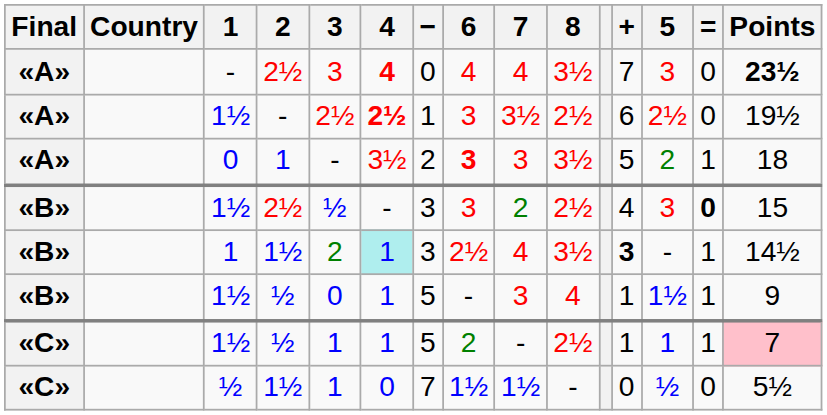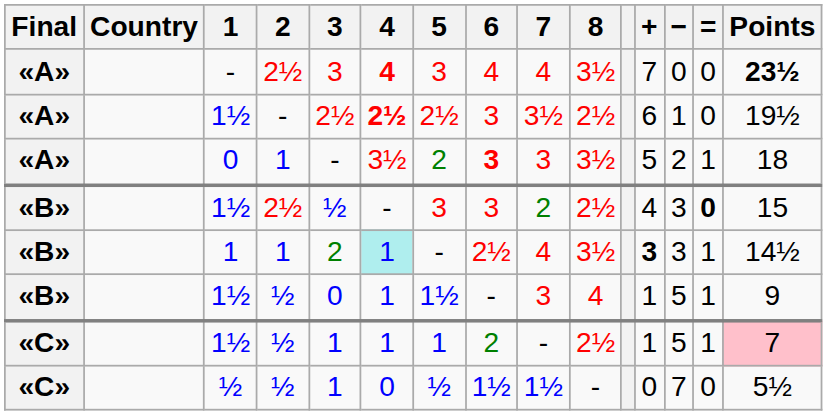 <table class="wikitable" style="text-align:center">
 <tr>
 <th>Final</th>
 <th>Country</th>
 <th>1</th>
 <th>2</th>
 <th>3</th>
 <th>4</th>
-<th>−</th>
+<th>5</th>
 <th>6</th>
 <th>7</th>
 <th>8</th>
 <th></th>
 <th>+</th>
-<th>5</th>
+<th>−</th>
 <th>=</th>
 <th>Points</th>
 </tr>
 <tr>
 <th>«A»</th>
 <td style="text-align: left"></td>
 <td>-</td>
 <td style="color: red;">2½</td>
 <td style="color: red;">3</td>
 <td style="color: red;"><strong>4</strong></td>
-<td>0</td>
+<td style="color: red;">3</td>
 <td style="color: red;">4</td>
 <td style="color: red;">4</td>
 <td style="color: red;">3½</td>
 <th></th>
 <td>7</td>
-<td style="color: red;">3</td>
+<td>0</td>
 <td>0</td>
 <td><strong>23½</strong></td>
 </tr>
 <tr>
 <th>«A»</th>
 <td style="text-align: left"></td>
 <td style="color: blue;">1½</td>
 <td>-</td>
 <td style="color: red;">2½</td>
 <td style="color: red;"><strong>2½</strong></td>
-<td>1</td>
+<td style="color: red;">2½</td>
 <td style="color: red;">3</td>
 <td style="color: red;">3½</td>
 <td style="color: red;">2½</td>
 <th></th>
 <td>6</td>
-<td style="color: red;">2½</td>
+<td>1</td>
 <td>0</td>
 <td>19½</td>
 </tr>
 <tr>
 <th>«A»</th>
 <td style="text-align: left"></td>
 <td style="color: blue;">0</td>
 <td style="color: blue;">1</td>
 <td>-</td>
 <td style="color: red;">3½</td>
-<td>2</td>
+<td style="color: green">2</td>
 <td style="color: red;"><strong>3</strong></td>
 <td style="color: red;">3</td>
 <td style="color: red;">3½</td>
 <th></th>
 <td>5</td>
-<td style="color: green">2</td>
+<td>2</td>
 <td>1</td>
 <td>18</td>
 </tr>
 <tr style="border-top:2px solid grey;">
 <th>«B»</th>
 <td style="text-align: left"></td>
 <td style="color: blue;">1½</td>
 <td style="color: red;">2½</td>
 <td style="color: blue;">½</td>
 <td>-</td>
-<td>3</td>
+<td style="color: red;">3</td>
 <td style="color: red;">3</td>
 <td style="color: green">2</td>
 <td style="color: red;">2½</td>
 <th></th>
 <td>4</td>
-<td style="color: red;">3</td>
+<td>3</td>
 <td><strong>0</strong></td>
 <td>15</td>
 </tr>
 <tr>
 <th>«B»</th>
 <td style="text-align: left"></td>
 <td style="color: blue;">1</td>
-<td style="color: blue;">1½</td>
+<td style="color: blue;">1</td>
 <td style="color: green">2</td>
 <td style="background: paleturquoise; color: blue;">1</td>
-<td>3</td>
+<td>-</td>
 <td style="color: red;">2½</td>
 <td style="color: red;">4</td>
 <td style="color: red;">3½</td>
 <th></th>
 <td><strong>3</strong></td>
-<td>-</td>
+<td>3</td>
 <td>1</td>
 <td>14½</td>
 </tr>
 <tr>
 <th>«B»</th>
 <td style="text-align: left"></td>
 <td style="color: blue;">1½</td>
 <td style="color: blue;">½</td>
 <td style="color: blue;">0</td>
 <td style="color: blue;">1</td>
-<td>5</td>
+<td style="color: blue;">1½</td>
 <td>-</td>
 <td style="color: red;">3</td>
 <td style="color: red;">4</td>
 <th></th>
 <td>1</td>
-<td style="color: blue;">1½</td>
+<td>5</td>
 <td>1</td>
 <td>9</td>
 </tr>
 <tr style="border-top:2px solid grey;">
 <th>«C»</th>
 <td style="text-align: left"></td>
 <td style="color: blue;">1½</td>
 <td style="color: blue;">½</td>
 <td style="color: blue;">1</td>
 <td style="color: blue;">1</td>
-<td>5</td>
+<td style="color: blue;">1</td>
 <td style="color: green">2</td>
 <td>-</td>
 <td style="color: red;">2½</td>
 <th></th>
 <td>1</td>
-<td style="color: blue;">1</td>
+<td>5</td>
 <td>1</td>
 <td style="background: pink;">7</td>
 </tr>
 <tr>
 <th>«C»</th>
 <td style="text-align: left"></td>
 <td style="color: blue;">½</td>
-<td style="color: blue;">1½</td>
+<td style="color: blue;">½</td>
 <td style="color: blue;">1</td>
 <td style="color: blue;">0</td>
-<td>7</td>
+<td style="color: blue;">½</td>
 <td style="color: blue;">1½</td>
 <td style="color: blue;">1½</td>
 <td>-</td>
 <th></th>
 <td>0</td>
-<td style="color: blue;">½</td>
+<td>7</td>
 <td>0</td>
 <td>5½</td>
 </tr>
 </table>
